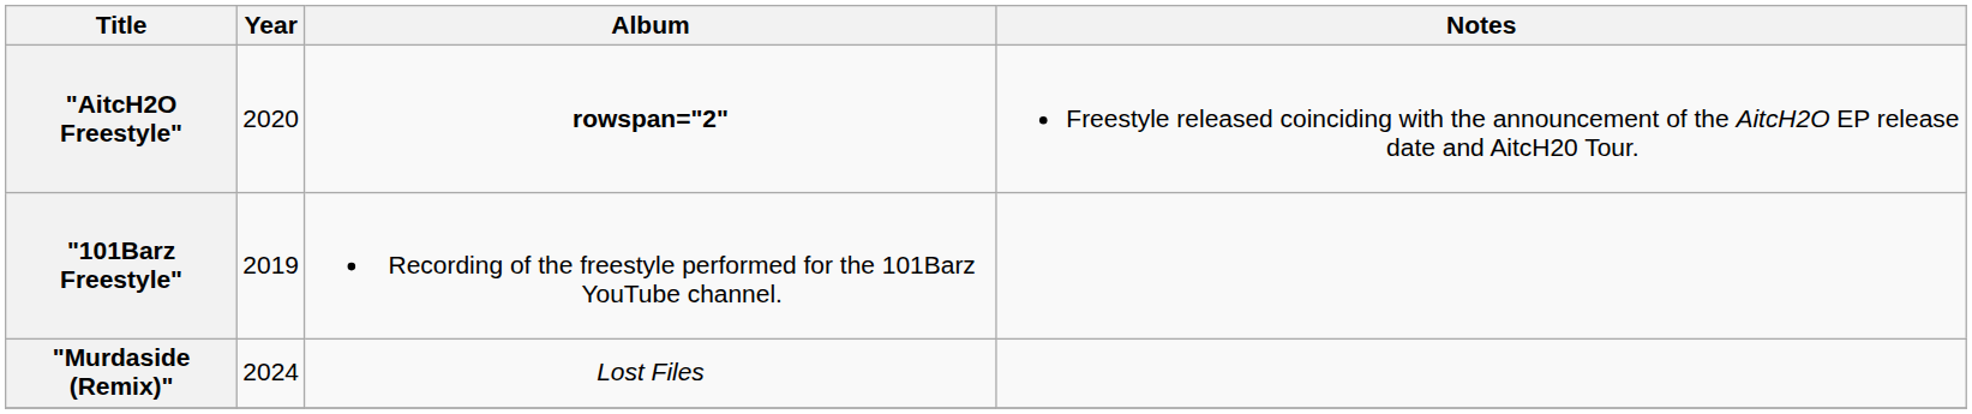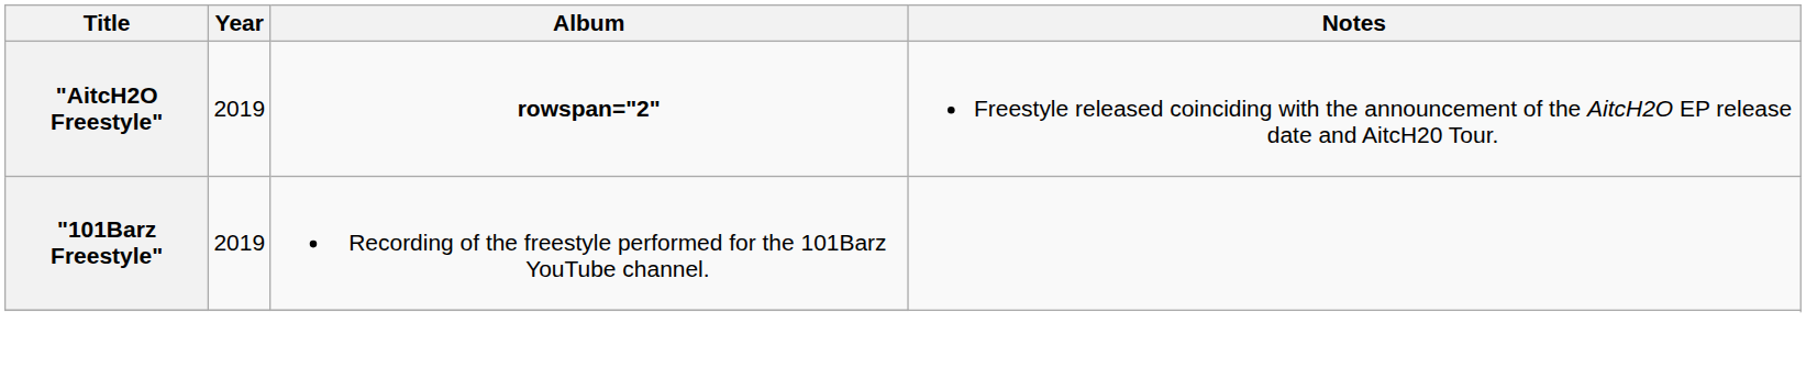 <table class="wikitable plainrowheaders" style="text-align:center;" border="1">
 <tr>
 <th scope="col">Title</th>
 <th scope="col">Year</th>
 <th scope="col">Album</th>
 <th scope="col">Notes</th>
 </tr>
 <tr>
 <th scope="row">"AitcH2O Freestyle"</th>
-<td>2020</td>
+<td>2019</td>
 <td><strong>rowspan="2" </strong></td>
 <td><br><ul><li>Freestyle released coinciding with the announcement of the <em>AitcH2O</em> EP release date and AitcH20 Tour.</li></ul></td>
 </tr>
 <tr>
 <th scope="row">"101Barz Freestyle"</th>
 <td>2019</td>
 <td><br><ul><li>Recording of the freestyle performed for the 101Barz YouTube channel.</li></ul></td>
 </tr>
 <tr>
-<th scope="row">"Murdaside (Remix)"<br></th>
-<td>2024</td>
-<td><em>Lost Files</em></td>
-<td></td>
-</tr>
-<tr>
 </tr>
 </table>
